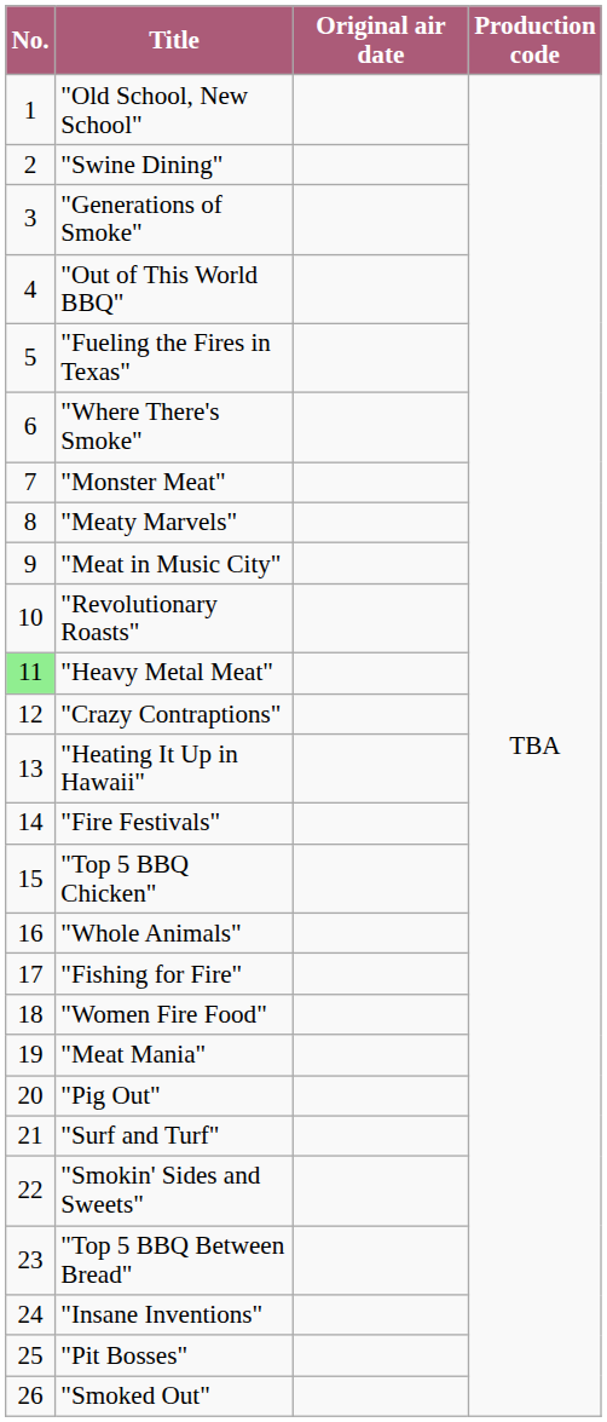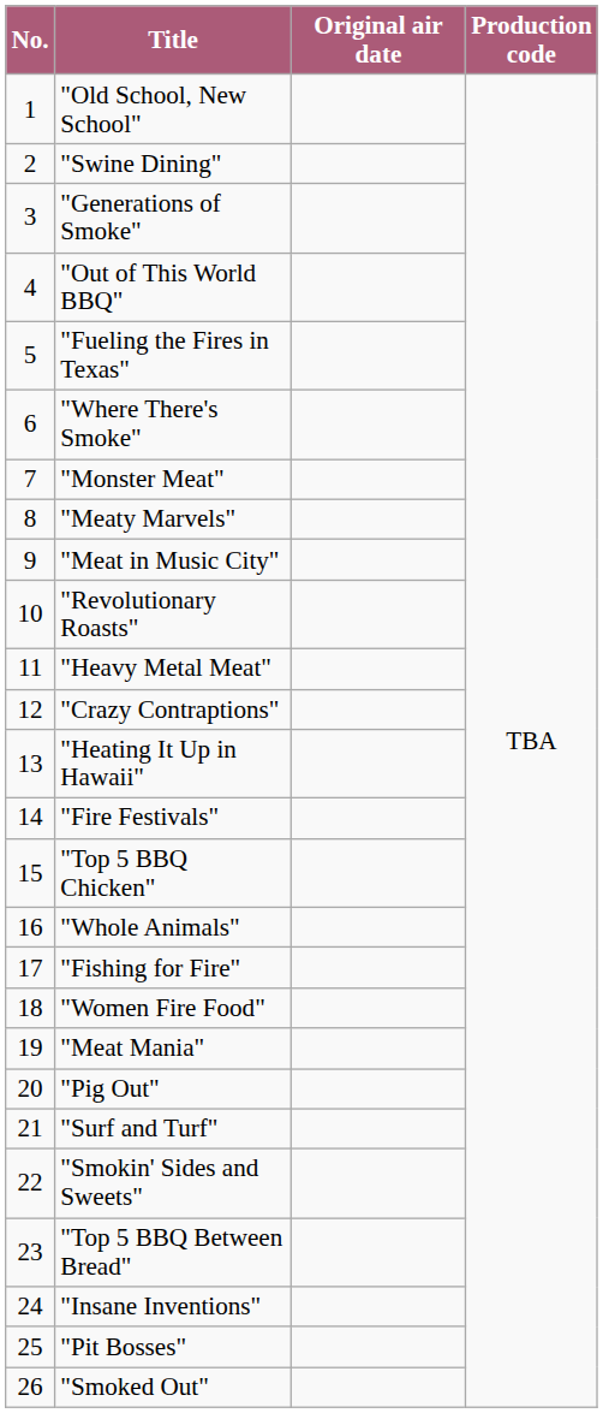 <table class="wikitable plainrowheaders" style="width:60%;">
 <tr>
 <th style="background-color: #ab5b78; color: #FFFFFF;" width=5%>No.</th>
 <th style="background-color: #ab5b78; color: #FFFFFF;" width=40%>Title</th>
 <th style="background-color: #ab5b78; color: #FFFFFF;">Original air date</th>
 <th style="background-color: #ab5b78; color: #FFFFFF;">Production<br>code</th>
 </tr>
 <tr>
 <td align=center>1</td>
 <td>"Old School, New School"</td>
 <td align=center></td>
 <td align=center rowspan=26>TBA</td>
 </tr>
 <tr>
 <td align=center>2</td>
 <td>"Swine Dining"</td>
 <td align=center></td>
 </tr>
 <tr>
 <td align=center>3</td>
 <td>"Generations of Smoke"</td>
 <td align=center></td>
 </tr>
 <tr>
 <td align=center>4</td>
 <td>"Out of This World BBQ"</td>
 <td align=center></td>
 </tr>
 <tr>
 <td align=center>5</td>
 <td>"Fueling the Fires in Texas"</td>
 <td align=center></td>
 </tr>
 <tr>
 <td align=center>6</td>
 <td>"Where There's Smoke"</td>
 <td align=center></td>
 </tr>
 <tr>
 <td align=center>7</td>
 <td>"Monster Meat"</td>
 <td align=center></td>
 </tr>
 <tr>
 <td align=center>8</td>
 <td>"Meaty Marvels"</td>
 <td align=center></td>
 </tr>
 <tr>
 <td align=center>9</td>
 <td>"Meat in Music City"</td>
 <td align=center></td>
 </tr>
 <tr>
 <td align=center>10</td>
 <td>"Revolutionary Roasts"</td>
 <td align=center></td>
 </tr>
 <tr>
-<td align=center style="background: lightgreen;">11</td>
+<td align=center>11</td>
 <td>"Heavy Metal Meat"</td>
 <td align=center></td>
 </tr>
 <tr>
 <td align=center>12</td>
 <td>"Crazy Contraptions"</td>
 <td align=center></td>
 </tr>
 <tr>
 <td align=center>13</td>
 <td>"Heating It Up in Hawaii"</td>
 <td align=center></td>
 </tr>
 <tr>
 <td align=center>14</td>
 <td>"Fire Festivals"</td>
 <td align=center></td>
 </tr>
 <tr>
 <td align=center>15</td>
 <td>"Top 5 BBQ Chicken"</td>
 <td align=center></td>
 </tr>
 <tr>
 <td align=center>16</td>
 <td>"Whole Animals"</td>
 <td align=center></td>
 </tr>
 <tr>
 <td align=center>17</td>
 <td>"Fishing for Fire"</td>
 <td align=center></td>
 </tr>
 <tr>
 <td align=center>18</td>
 <td>"Women Fire Food"</td>
 <td align=center></td>
 </tr>
 <tr>
 <td align=center>19</td>
 <td>"Meat Mania"</td>
 <td align=center></td>
 </tr>
 <tr>
 <td align=center>20</td>
 <td>"Pig Out"</td>
 <td align=center></td>
 </tr>
 <tr>
 <td align=center>21</td>
 <td>"Surf and Turf"</td>
 <td align=center></td>
 </tr>
 <tr>
 <td align=center>22</td>
 <td>"Smokin' Sides and Sweets"</td>
 <td align=center></td>
 </tr>
 <tr>
 <td align=center>23</td>
 <td>"Top 5 BBQ Between Bread"</td>
 <td align=center></td>
 </tr>
 <tr>
 <td align=center>24</td>
 <td>"Insane Inventions"</td>
 <td align=center></td>
 </tr>
 <tr>
 <td align=center>25</td>
 <td>"Pit Bosses"</td>
 <td align=center></td>
 </tr>
 <tr>
 <td align=center>26</td>
 <td>"Smoked Out"</td>
 <td align=center></td>
 </tr>
 </table>
